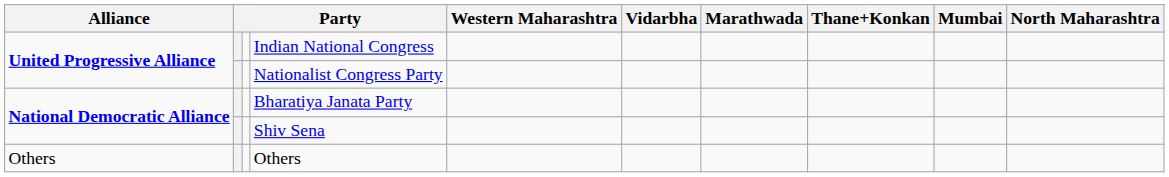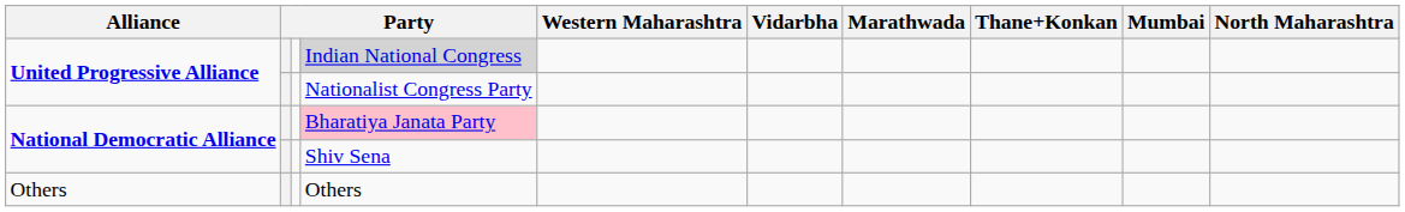 <table class="wikitable">
 <tr>
 <th>Alliance</th>
 <th colspan="3">Party</th>
 <th>Western Maharashtra</th>
 <th>Vidarbha</th>
 <th>Marathwada</th>
 <th>Thane+Konkan</th>
 <th>Mumbai</th>
 <th>North Maharashtra</th>
 </tr>
 <tr>
 <td rowspan="2"><strong><a href='#'>United Progressive Alliance</a></strong></td>
 <th></th>
 <td style="color:inherit;background-color: "></td>
-<td><a href='#'>Indian National Congress</a></td>
+<td style="background: lightgrey;"><a href='#'>Indian National Congress</a></td>
 <td></td>
 <td></td>
 <td></td>
 <td></td>
 <td></td>
 <td></td>
 </tr>
 <tr>
 <th></th>
 <td style="color:inherit;background-color: "></td>
 <td><a href='#'>Nationalist Congress Party</a></td>
 <td></td>
 <td></td>
 <td></td>
 <td></td>
 <td></td>
 <td></td>
 </tr>
 <tr>
 <td rowspan="2"><strong><a href='#'>National Democratic Alliance</a></strong></td>
 <th></th>
 <td style="color:inherit;background-color: "></td>
-<td><a href='#'>Bharatiya Janata Party</a></td>
+<td style="background: pink;"><a href='#'>Bharatiya Janata Party</a></td>
 <td></td>
 <td></td>
 <td></td>
 <td></td>
 <td></td>
 <td></td>
 </tr>
 <tr>
 <th></th>
 <td style="color:inherit;background-color: "></td>
 <td><a href='#'>Shiv Sena</a></td>
 <td></td>
 <td></td>
 <td></td>
 <td></td>
 <td></td>
 <td></td>
 </tr>
 <tr>
 <td>Others</td>
 <th></th>
 <td style="color:inherit;background-color: "></td>
 <td>Others</td>
 <td></td>
 <td></td>
 <td></td>
 <td></td>
 <td></td>
 <td></td>
 </tr>
 </table>
